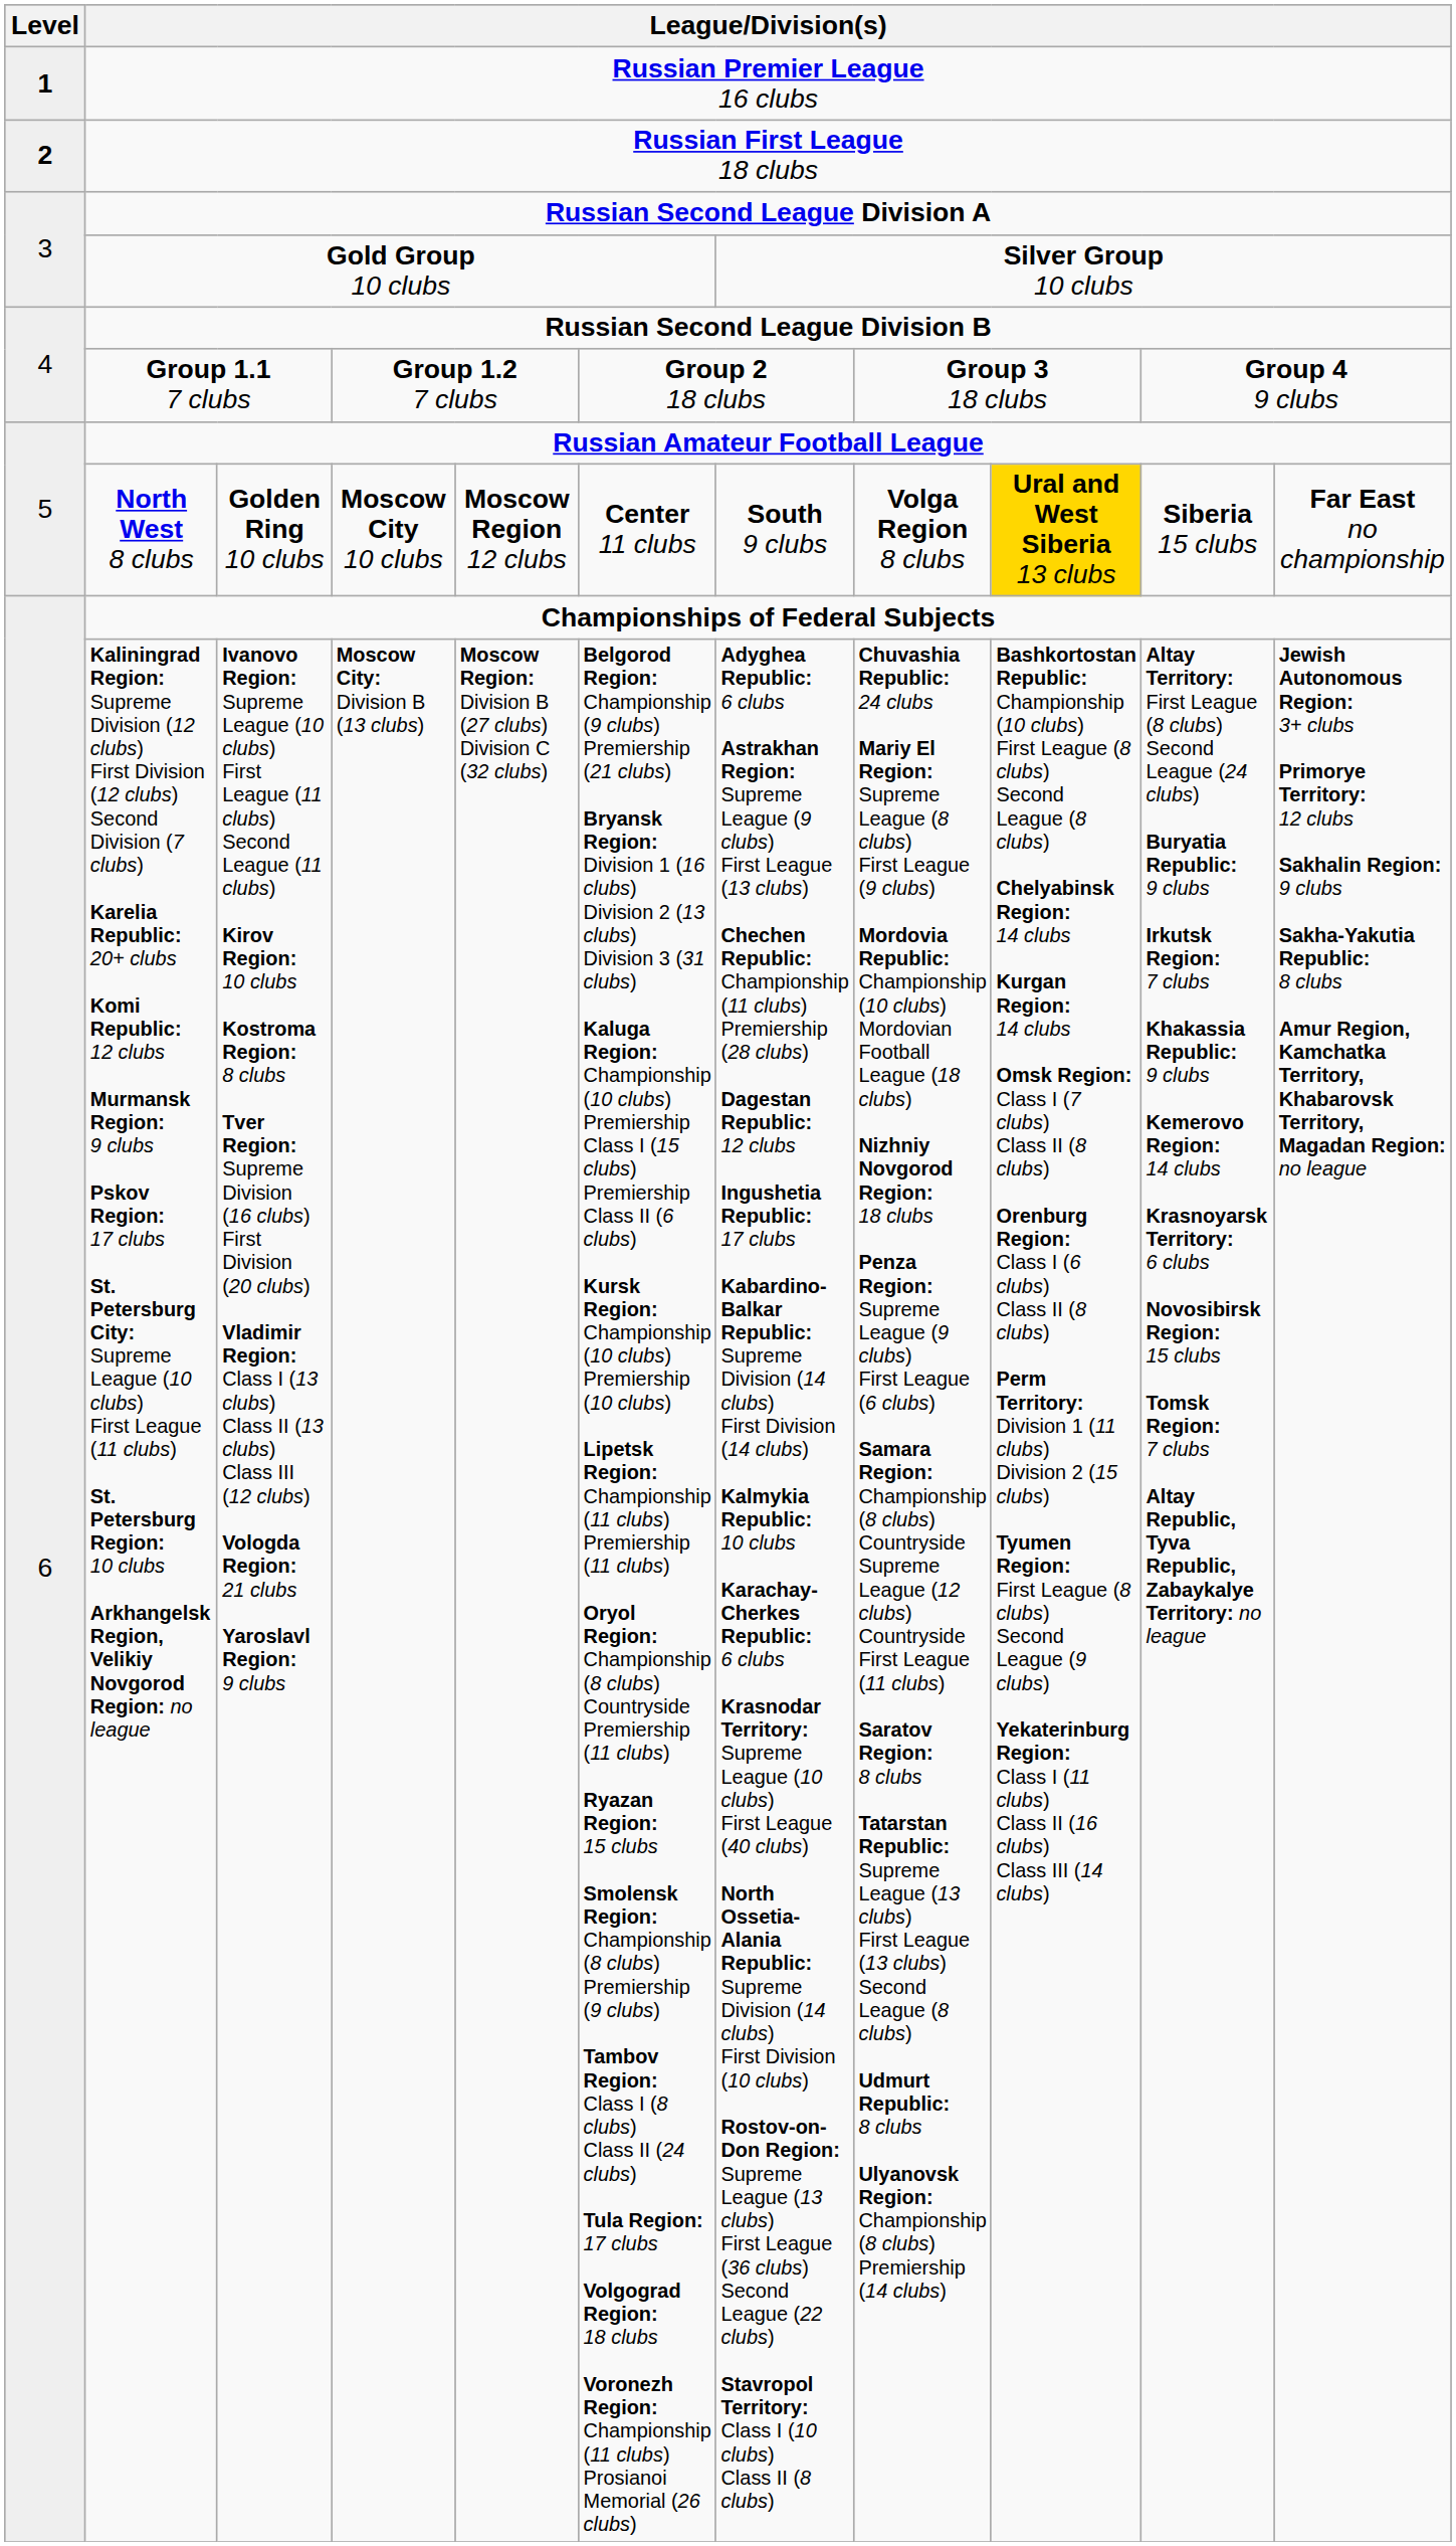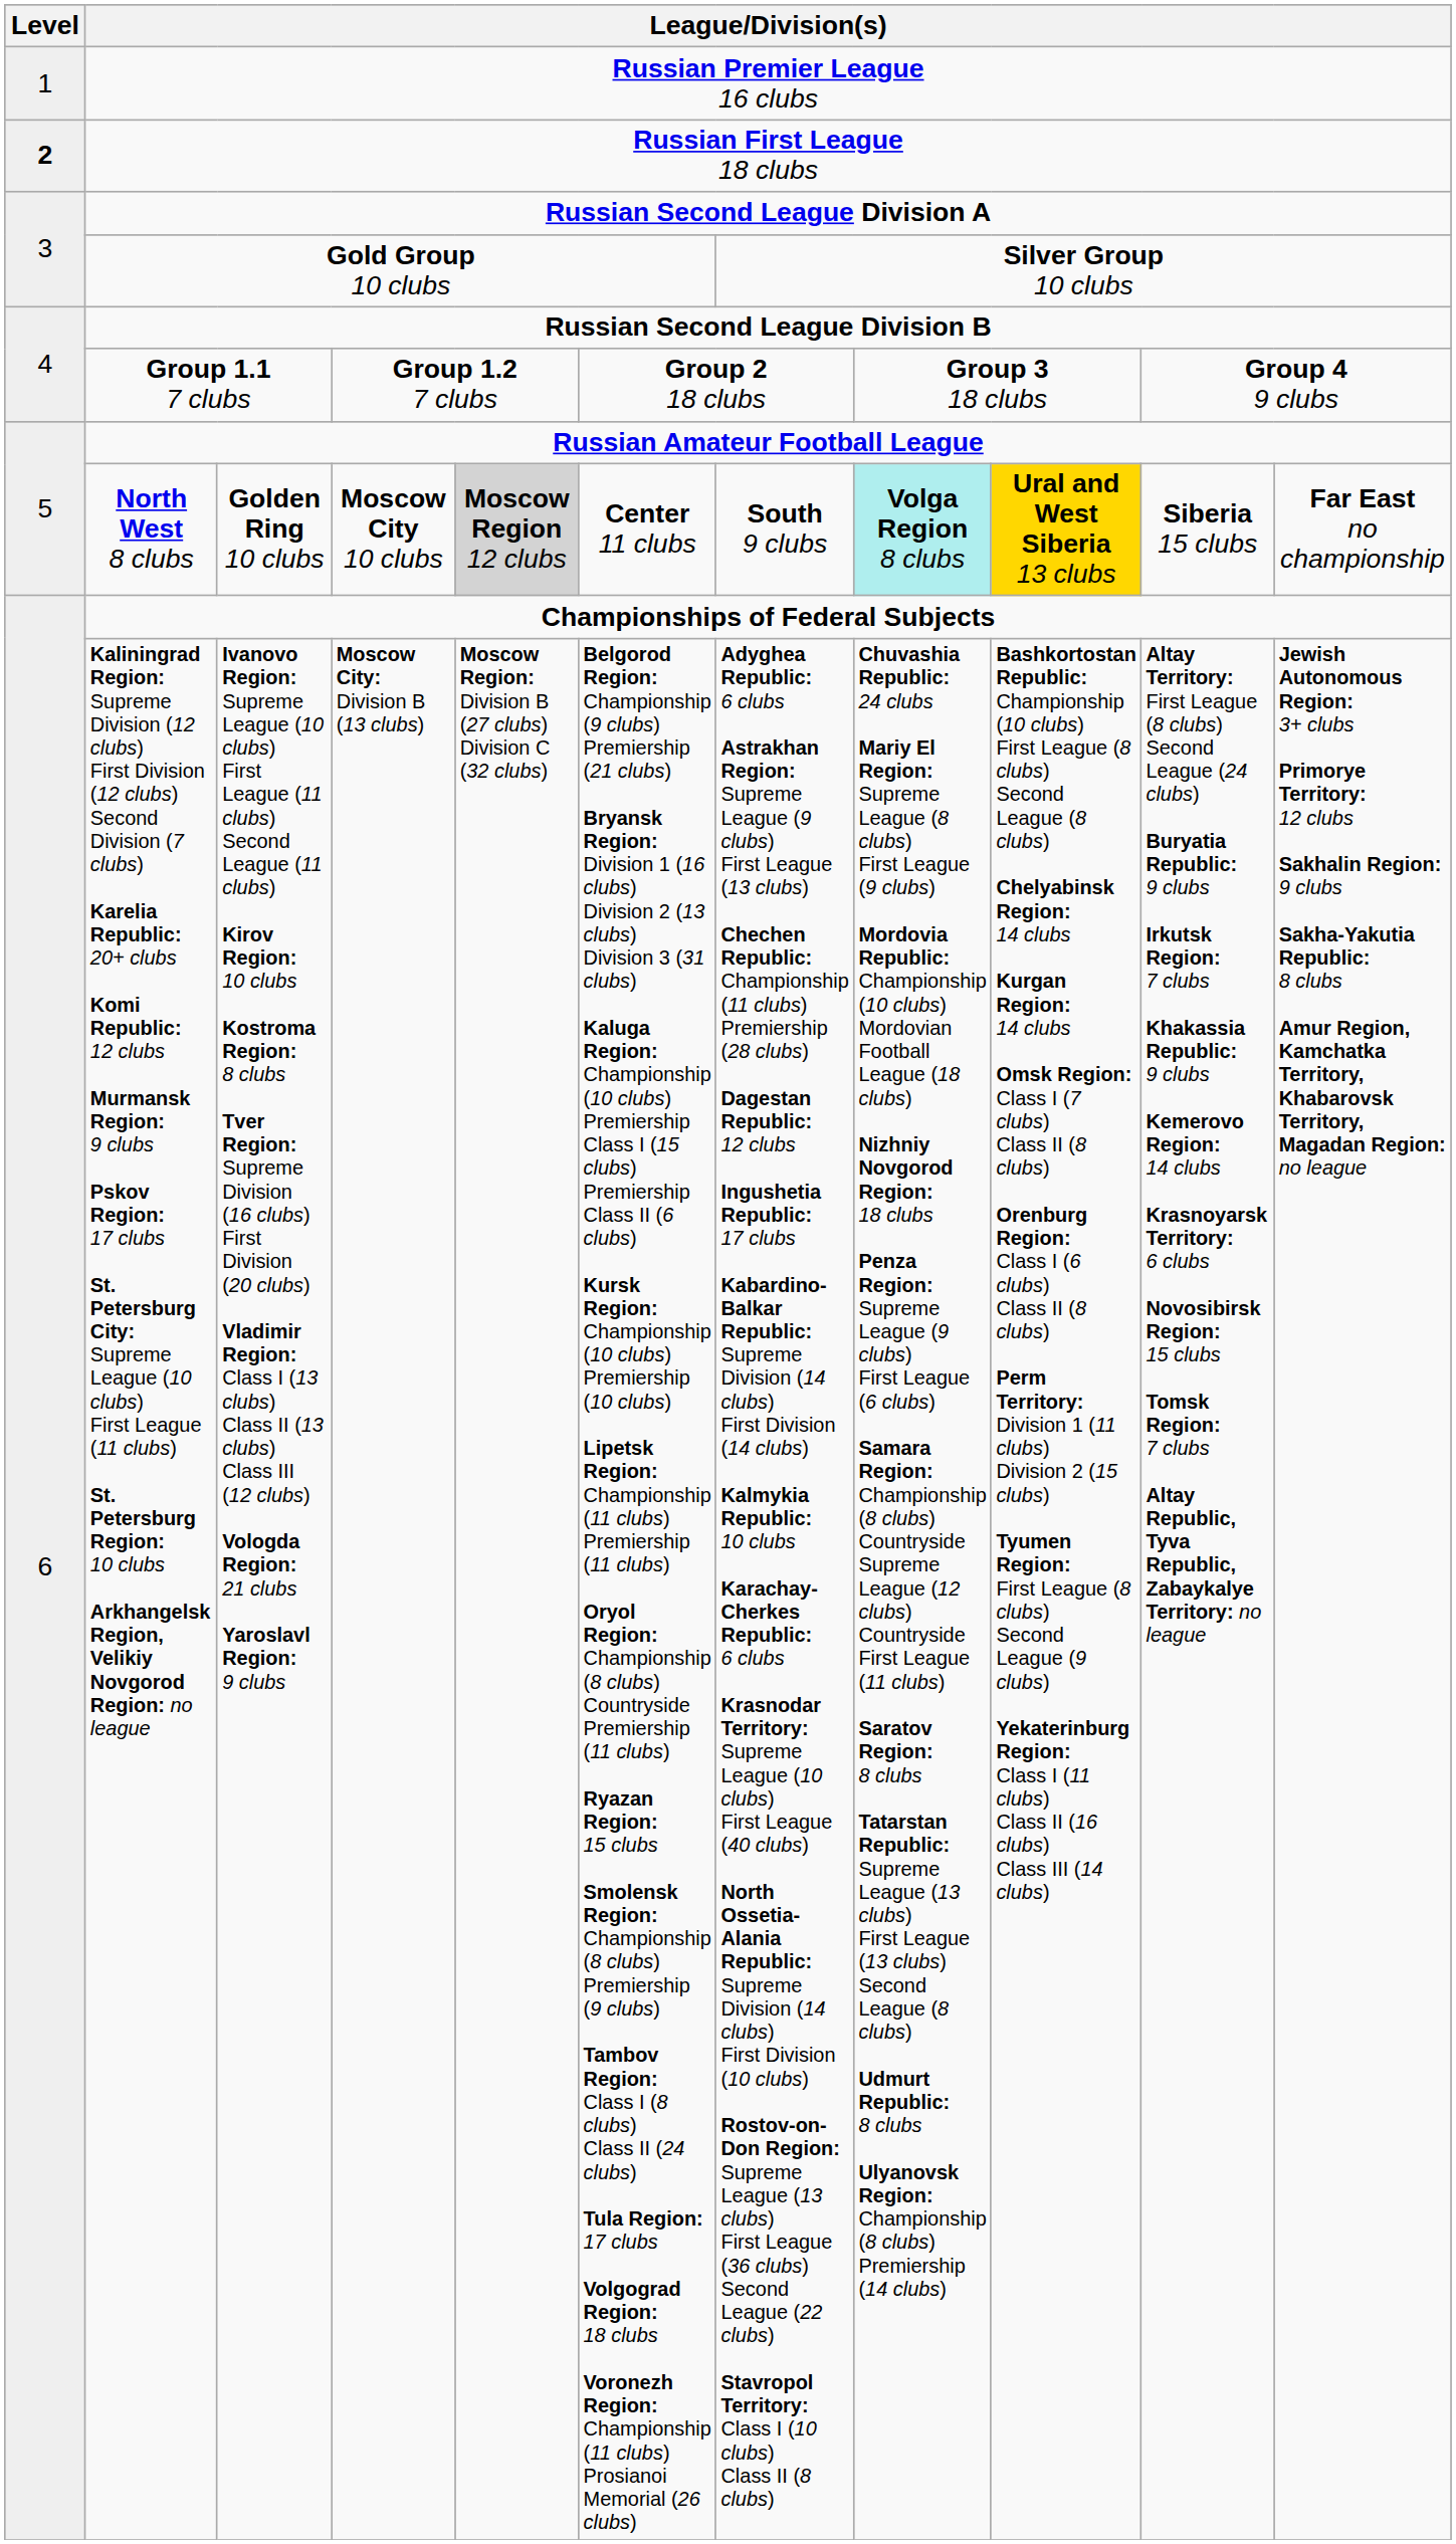 <table class="wikitable">
 <tr>
 <th style="width:4.6%; text-align:center;"><strong>Level</strong></th>
 <th colspan="10"  style="width:95%; text-align:center;"><strong>League/Division(s)</strong></th>
 </tr>
 <tr>
-<td style="text-align:center; width:4.6%; background:#efefef;"><strong>1</strong></td>
+<td style="text-align:center; width:4.6%; background:#efefef;">1</td>
 <td colspan="10"  style="width:48%; text-align:center;"><strong><a href='#'>Russian Premier League</a></strong><br><em>16 clubs</em></td>
 </tr>
 <tr>
 <td style="text-align:center; width:4.6%; background:#efefef;"><strong>2</strong></td>
 <td colspan="10"  style="width:95%; text-align:center;"><strong><a href='#'>Russian First League</a></strong><br><em>18 clubs</em></td>
 </tr>
 <tr>
 <td rowspan="2"  style="text-align:center; width:4.6%; background:#efefef;">3</td>
 <td colspan="10" style="text-align:center;"><strong><a href='#'>Russian Second League</a> Division A</strong></td>
 </tr>
 <tr style="text-align:center;">
 <td colspan="5"  style="width:38%; "><strong>Gold Group</strong><br><em>10 clubs</em></td>
 <td colspan="5"  style="width:38%; "><strong>Silver Group</strong><br><em>10 clubs</em></td>
 </tr>
 <tr>
 <td rowspan="2"  style="text-align:center; width:4.6%; background:#efefef;">4</td>
 <td colspan="10" style="text-align:center;"><strong>Russian Second League Division B</strong></td>
 </tr>
 <tr style="text-align:center;">
 <td colspan="2"  style="width:19%; "><strong>Group 1.1</strong><br><em>7 clubs</em></td>
 <td colspan="2"  style="width:19%; "><strong>Group 1.2</strong><br><em>7 clubs</em></td>
 <td colspan="2"  style="width:19%; "><strong>Group 2</strong><br><em>18 clubs</em></td>
 <td colspan="2"  style="width:19%; "><strong>Group 3</strong><br><em>18 clubs</em></td>
 <td colspan="2"  style="width:19%; "><strong>Group 4</strong><br><em>9 clubs</em></td>
 </tr>
 <tr>
 <td rowspan="2"  style="text-align:center; width:4.6%; background:#efefef;">5</td>
 <td colspan="10" style="text-align:center;"><strong><a href='#'>Russian Amateur Football League</a></strong></td>
 </tr>
 <tr>
 <td style="width:9.5%; text-align:center;"><strong><a href='#'>North West</a></strong><br><em>8 clubs</em></td>
 <td style="width:9.5%; text-align:center;"><strong>Golden Ring</strong><br><em>10 clubs</em></td>
 <td style="width:9.5%; text-align:center;"><strong>Moscow City</strong><br><em>10 clubs</em></td>
-<td style="width:9.5%; text-align:center;"><strong>Moscow Region</strong><br><em>12 clubs</em></td>
+<td style="background: lightgrey; width:9.5%; text-align:center;"><strong>Moscow Region</strong><br><em>12 clubs</em></td>
 <td style="width:9.5%; text-align:center;"><strong>Center</strong><br><em>11 clubs</em></td>
 <td style="width:9.5%; text-align:center;"><strong>South</strong><br><em>9 clubs</em></td>
-<td style="width:9.5%; text-align:center;"><strong>Volga Region</strong><br><em>8 clubs</em></td>
+<td style="background: paleturquoise; width:9.5%; text-align:center;"><strong>Volga Region</strong><br><em>8 clubs</em></td>
 <td style="background: gold; width:9.5%; text-align:center;"><strong>Ural and West Siberia</strong><br><em>13 clubs</em></td>
 <td style="width:9.5%; text-align:center;"><strong>Siberia</strong><br><em>15 clubs</em></td>
 <td style="width:9.5%; text-align:center;"><strong>Far East</strong><br><em>no championship</em></td>
 </tr>
 <tr>
 <td rowspan="2"  style="text-align:center; width:4.6%; background:#efefef;">6</td>
 <td colspan="10" style="text-align:center;"><strong>Championships of Federal Subjects</strong></td>
 </tr>
 <tr>
 <td style="width:9.5%; font-size: 12px; vertical-align:top;"><strong>Kaliningrad Region:</strong><br>Supreme Division (<em>12 clubs</em>)<br>First Division (<em>12 clubs</em>)<br>Second Division (<em>7 clubs</em>)<br><br><strong>Karelia Republic:</strong><br><em>20+ clubs</em><br><br><strong>Komi Republic:</strong><br><em>12 clubs</em><br><br><strong>Murmansk Region:</strong><br><em>9 clubs</em><br><br><strong>Pskov Region:</strong><br><em>17 clubs</em><br><br><strong>St. Petersburg City:</strong><br>Supreme League (<em>10 clubs</em>)<br>First League (<em>11 clubs</em>)<br><br><strong>St. Petersburg Region:</strong><br><em>10 clubs</em><br><br><strong>Arkhangelsk Region, Velikiy Novgorod Region:</strong> <em>no league</em></td>
 <td style="width:9.5%; font-size: 12px; vertical-align:top;"><strong>Ivanovo Region:</strong><br>Supreme League (<em>10 clubs</em>)<br>First League (<em>11 clubs</em>)<br>Second League (<em>11 clubs</em>)<br><br><strong>Kirov Region:</strong><br><em>10 clubs</em><br><br><strong>Kostroma Region:</strong><br><em>8 clubs</em><br><br><strong>Tver Region:</strong><br>Supreme Division (<em>16 clubs</em>)<br>First Division (<em>20 clubs</em>)<br><br><strong>Vladimir Region:</strong><br>Class I (<em>13 clubs</em>)<br>Class II (<em>13 clubs</em>)<br>Class III (<em>12 clubs</em>)<br><br><strong>Vologda Region:</strong><br><em>21 clubs</em><br><br><strong>Yaroslavl Region:</strong><br><em>9 clubs</em></td>
 <td style="width:9.5%; font-size: 12px; vertical-align:top;"><strong>Moscow City:</strong><br>Division B (<em>13 clubs</em>)</td>
 <td style="width:9.5%; font-size: 12px; vertical-align:top;"><strong>Moscow Region:</strong><br>Division B (<em>27 clubs</em>)<br>Division C (<em>32 clubs</em>)</td>
 <td style="width:9.5%; font-size: 12px; vertical-align:top;"><strong>Belgorod Region:</strong><br>Championship (<em>9 clubs</em>)<br>Premiership (<em>21 clubs</em>)<br><br><strong>Bryansk Region:</strong><br>Division 1 (<em>16 clubs</em>)<br>Division 2 (<em>13 clubs</em>)<br>Division 3 (<em>31 clubs</em>)<br><br><strong>Kaluga Region:</strong><br>Championship (<em>10 clubs</em>)<br>Premiership Class I (<em>15 clubs</em>)<br>Premiership Class II (<em>6 clubs</em>)<br><br><strong>Kursk Region:</strong><br>Championship (<em>10 clubs</em>)<br>Premiership (<em>10 clubs</em>)<br><br><strong>Lipetsk Region:</strong><br>Championship (<em>11 clubs</em>)<br>Premiership (<em>11 clubs</em>)<br><br><strong>Oryol Region:</strong><br>Championship (<em>8 clubs</em>)<br>Countryside Premiership (<em>11 clubs</em>)<br><br><strong>Ryazan Region:</strong><br><em>15 clubs</em><br><br><strong>Smolensk Region:</strong><br>Championship (<em>8 clubs</em>)<br>Premiership (<em>9 clubs</em>)<br><br><strong>Tambov Region:</strong><br>Class I (<em>8 clubs</em>)<br>Class II (<em>24 clubs</em>)<br><br><strong>Tula Region:</strong><br><em>17 clubs</em><br><br><strong>Volgograd Region:</strong><br><em>18 clubs</em><br><br><strong>Voronezh Region:</strong><br>Championship (<em>11 clubs</em>)<br>Prosianoi Memorial (<em>26 clubs</em>)</td>
 <td style="width:9.5%; font-size: 12px; vertical-align:top;"><strong>Adyghea Republic:</strong><br><em>6 clubs</em><br><br><strong>Astrakhan Region:</strong><br>Supreme League (<em>9 clubs</em>)<br>First League (<em>13 clubs</em>)<br><br><strong>Chechen Republic:</strong><br>Championship (<em>11 clubs</em>)<br>Premiership (<em>28 clubs</em>)<br><br><strong>Dagestan Republic:</strong><br><em>12 clubs</em><br><br><strong>Ingushetia Republic:</strong><br><em>17 clubs</em><br><br><strong>Kabardino-Balkar Republic:</strong><br>Supreme Division (<em>14 clubs</em>)<br>First Division (<em>14 clubs</em>)<br><br><strong>Kalmykia Republic:</strong><br><em>10 clubs</em><br><br><strong>Karachay-Cherkes Republic:</strong><br><em>6 clubs</em><br><br><strong>Krasnodar Territory:</strong><br>Supreme League (<em>10 clubs</em>)<br>First League (<em>40 clubs</em>)<br><br><strong>North Ossetia-Alania Republic:</strong><br>Supreme Division (<em>14 clubs</em>)<br>First Division (<em>10 clubs</em>)<br><br><strong>Rostov-on-Don Region:</strong><br>Supreme League (<em>13 clubs</em>)<br>First League (<em>36 clubs</em>)<br>Second League (<em>22 clubs</em>)<br><br><strong>Stavropol Territory:</strong><br>Class I (<em>10 clubs</em>)<br>Class II (<em>8 clubs</em>)</td>
 <td style="width:9.5%; font-size: 12px; vertical-align:top;"><strong>Chuvashia Republic:</strong><br><em>24 clubs</em><br><br><strong>Mariy El Region:</strong><br>Supreme League (<em>8 clubs</em>)<br>First League (<em>9 clubs</em>)<br><br><strong>Mordovia Republic:</strong><br>Championship (<em>10 clubs</em>)<br>Mordovian Football League (<em>18 clubs</em>)<br><br><strong>Nizhniy Novgorod Region:</strong><br><em>18 clubs</em><br><br><strong>Penza Region:</strong><br>Supreme League (<em>9 clubs</em>)<br>First League (<em>6 clubs</em>)<br><br><strong>Samara Region:</strong><br>Championship (<em>8 clubs</em>)<br>Countryside Supreme League (<em>12 clubs</em>)<br>Countryside First League (<em>11 clubs</em>)<br><br><strong>Saratov Region:</strong><br><em>8 clubs</em><br><br><strong>Tatarstan Republic:</strong><br>Supreme League (<em>13 clubs</em>)<br>First League (<em>13 clubs</em>)<br>Second League (<em>8 clubs</em>)<br><br><strong>Udmurt Republic:</strong><br><em>8 clubs</em><br><br><strong>Ulyanovsk Region:</strong><br>Championship (<em>8 clubs</em>)<br>Premiership (<em>14 clubs</em>)</td>
 <td style="width:9.5%; font-size: 12px; vertical-align:top;"><strong>Bashkortostan Republic:</strong><br>Championship (<em>10 clubs</em>)<br>First League (<em>8 clubs</em>)<br>Second League (<em>8 clubs</em>)<br><br><strong>Chelyabinsk Region:</strong><br><em>14 clubs</em><br><br><strong>Kurgan Region:</strong><br><em>14 clubs</em><br><br><strong>Omsk Region:</strong><br>Class I (<em>7 clubs</em>)<br>Class II (<em>8 clubs</em>)<br><br><strong>Orenburg Region:</strong><br>Class I (<em>6 clubs</em>)<br>Class II (<em>8 clubs</em>)<br><br><strong>Perm Territory:</strong><br>Division 1 (<em>11 clubs</em>)<br>Division 2 (<em>15 clubs</em>)<br><br><strong>Tyumen Region:</strong><br>First League (<em>8 clubs</em>)<br>Second League (<em>9 clubs</em>)<br><br><strong>Yekaterinburg Region:</strong><br>Class I (<em>11 clubs</em>)<br>Class II (<em>16 clubs</em>)<br>Class III (<em>14 clubs</em>)</td>
 <td style="width:9.5%; font-size: 12px; vertical-align:top;"><strong>Altay Territory:</strong><br>First League (<em>8 clubs</em>)<br>Second League (<em>24 clubs</em>)<br><br><strong>Buryatia Republic:</strong><br><em>9 clubs</em><br><br><strong>Irkutsk Region:</strong><br><em>7 clubs</em><br><br><strong>Khakassia Republic:</strong><br><em>9 clubs</em><br><br><strong>Kemerovo Region:</strong><br><em>14 clubs</em><br><br><strong>Krasnoyarsk Territory:</strong><br><em>6 clubs</em><br><br><strong>Novosibirsk Region:</strong><br><em>15 clubs</em><br><br><strong>Tomsk Region:</strong><br><em>7 clubs</em><br><br><strong>Altay Republic, Tyva Republic, Zabaykalye Territory:</strong> <em>no league</em></td>
 <td style="width:9.5%; font-size: 12px; vertical-align:top;"><strong>Jewish Autonomous Region:</strong><br><em>3+ clubs</em><br><br><strong>Primorye Territory:</strong><br><em>12 clubs</em><br><br><strong>Sakhalin Region:</strong><br><em>9 clubs</em><br><br><strong>Sakha-Yakutia Republic:</strong><br><em>8 clubs</em><br><br><strong>Amur Region, Kamchatka Territory, Khabarovsk Territory, Magadan Region:</strong> <em>no league</em></td>
 </tr>
 </table>
